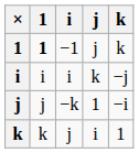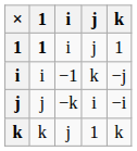 <table class="wikitable" align="right" style="text-align:center">
 <tr>
 <th width=15>×</th>
 <th width=15>1</th>
 <th width=15>i</th>
 <th width=15>j</th>
 <th width=15>k</th>
 </tr>
 <tr>
 <th>1</th>
 <td><strong>1</strong></td>
-<td>−1</td>
+<td>i</td>
 <td>j</td>
-<td>k</td>
+<td>1</td>
 </tr>
 <tr>
 <th>i</th>
 <td>i</td>
-<td>i</td>
+<td>−1</td>
 <td>k</td>
 <td>−j</td>
 </tr>
 <tr>
 <th>j</th>
 <td>j</td>
 <td>−k</td>
-<td>1</td>
+<td>i</td>
 <td>−i</td>
 </tr>
 <tr>
 <th>k</th>
 <td>k</td>
 <td>j</td>
-<td>i</td>
 <td>1</td>
+<td>k</td>
 </tr>
 </table>
